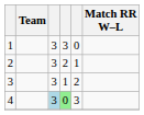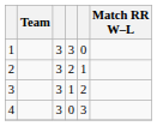 <table class="wikitable">
 <tr>
 <th -Pos></th>
 <th>Team</th>
 <th Played></th>
 <th Won></th>
 <th Lost></th>
 <th>Match RR <br>W–L</th>
 </tr>
 <tr>
 <td>1</td>
 <td><strong></strong></td>
 <td>3</td>
 <td>3</td>
 <td>0</td>
 <td></td>
 </tr>
 <tr>
 <td>2</td>
 <td></td>
 <td>3</td>
 <td>2</td>
 <td>1</td>
 <td></td>
 </tr>
 <tr>
 <td>3</td>
 <td></td>
 <td>3</td>
 <td>1</td>
 <td>2</td>
 <td></td>
 </tr>
 <tr>
 <td>4</td>
 <td></td>
-<td style="background: lightblue;">3</td>
-<td style="background: lightgreen;">0</td>
+<td>3</td>
+<td>0</td>
 <td>3</td>
 <td></td>
 </tr>
 <tr>
 </tr>
 </table>
